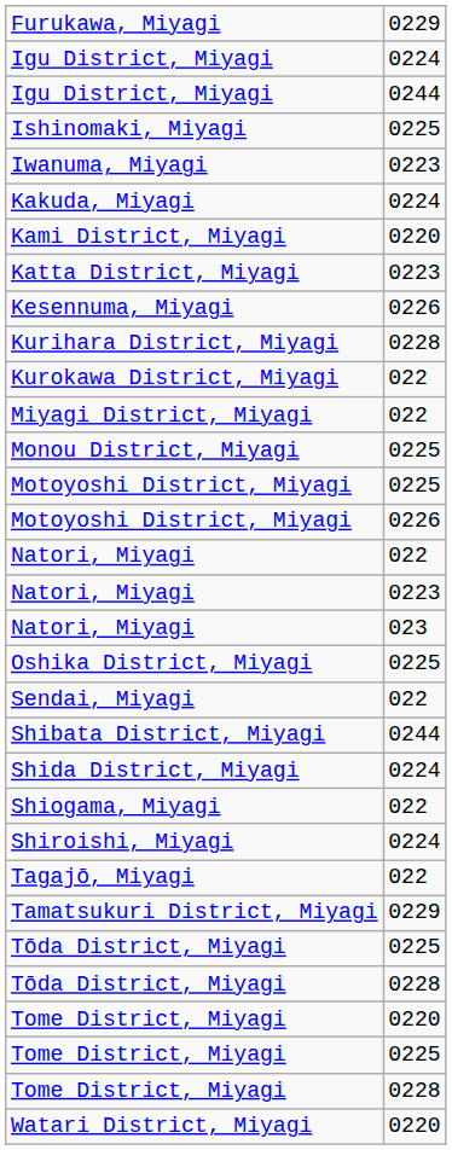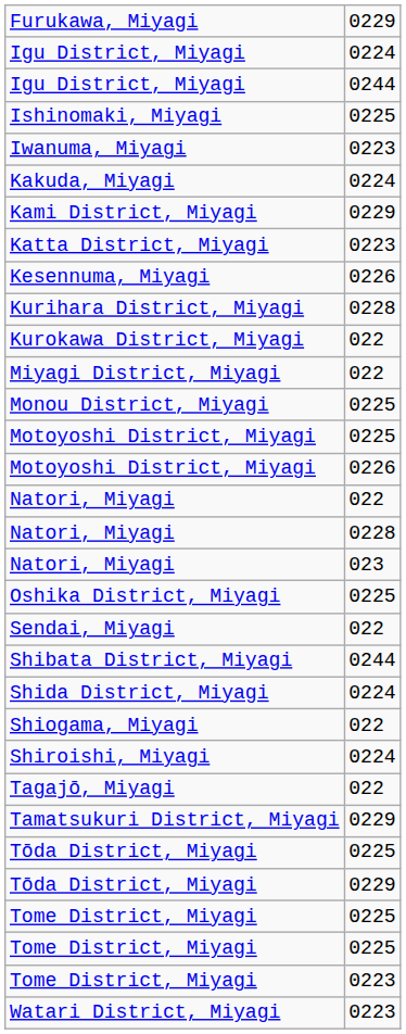 <table class="wikitable">
 <tr>
 <td><a href='#'>Furukawa, Miyagi</a></td>
 <td>0229</td>
 </tr>
 <tr>
 <td><a href='#'>Igu District, Miyagi</a></td>
 <td>0224</td>
 </tr>
 <tr>
 <td><a href='#'>Igu District, Miyagi</a></td>
 <td>0244</td>
 </tr>
 <tr>
 <td><a href='#'>Ishinomaki, Miyagi</a></td>
 <td>0225</td>
 </tr>
 <tr>
 <td><a href='#'>Iwanuma, Miyagi</a></td>
 <td>0223</td>
 </tr>
 <tr>
 <td><a href='#'>Kakuda, Miyagi</a></td>
 <td>0224</td>
 </tr>
 <tr>
 <td><a href='#'>Kami District, Miyagi</a></td>
-<td>0220</td>
+<td>0229</td>
 </tr>
 <tr>
 <td><a href='#'>Katta District, Miyagi</a></td>
 <td>0223</td>
 </tr>
 <tr>
 <td><a href='#'>Kesennuma, Miyagi</a></td>
 <td>0226</td>
 </tr>
 <tr>
 <td><a href='#'>Kurihara District, Miyagi</a></td>
 <td>0228</td>
 </tr>
 <tr>
 <td><a href='#'>Kurokawa District, Miyagi</a></td>
 <td>022</td>
 </tr>
 <tr>
 <td><a href='#'>Miyagi District, Miyagi</a></td>
 <td>022</td>
 </tr>
 <tr>
 <td><a href='#'>Monou District, Miyagi</a></td>
 <td>0225</td>
 </tr>
 <tr>
 <td><a href='#'>Motoyoshi District, Miyagi</a></td>
 <td>0225</td>
 </tr>
 <tr>
 <td><a href='#'>Motoyoshi District, Miyagi</a></td>
 <td>0226</td>
 </tr>
 <tr>
 <td><a href='#'>Natori, Miyagi</a></td>
 <td>022</td>
 </tr>
 <tr>
 <td><a href='#'>Natori, Miyagi</a></td>
-<td>0223</td>
+<td>0228</td>
 </tr>
 <tr>
 <td><a href='#'>Natori, Miyagi</a></td>
 <td>023</td>
 </tr>
 <tr>
 <td><a href='#'>Oshika District, Miyagi</a></td>
 <td>0225</td>
 </tr>
 <tr>
 <td><a href='#'>Sendai, Miyagi</a></td>
 <td>022</td>
 </tr>
 <tr>
 <td><a href='#'>Shibata District, Miyagi</a></td>
 <td>0244</td>
 </tr>
 <tr>
 <td><a href='#'>Shida District, Miyagi</a></td>
 <td>0224</td>
 </tr>
 <tr>
 <td><a href='#'>Shiogama, Miyagi</a></td>
 <td>022</td>
 </tr>
 <tr>
 <td><a href='#'>Shiroishi, Miyagi</a></td>
 <td>0224</td>
 </tr>
 <tr>
 <td><a href='#'>Tagajō, Miyagi</a></td>
 <td>022</td>
 </tr>
 <tr>
 <td><a href='#'>Tamatsukuri District, Miyagi</a></td>
 <td>0229</td>
 </tr>
 <tr>
 <td><a href='#'>Tōda District, Miyagi</a></td>
 <td>0225</td>
 </tr>
 <tr>
 <td><a href='#'>Tōda District, Miyagi</a></td>
-<td>0228</td>
-</tr>
-<tr>
-<td><a href='#'>Tome District, Miyagi</a></td>
-<td>0220</td>
+<td>0229</td>
 </tr>
 <tr>
 <td><a href='#'>Tome District, Miyagi</a></td>
 <td>0225</td>
 </tr>
 <tr>
 <td><a href='#'>Tome District, Miyagi</a></td>
-<td>0228</td>
+<td>0225</td>
+</tr>
+<tr>
+<td><a href='#'>Tome District, Miyagi</a></td>
+<td>0223</td>
 </tr>
 <tr>
 <td><a href='#'>Watari District, Miyagi</a></td>
-<td>0220</td>
+<td>0223</td>
 </tr>
 </table>
